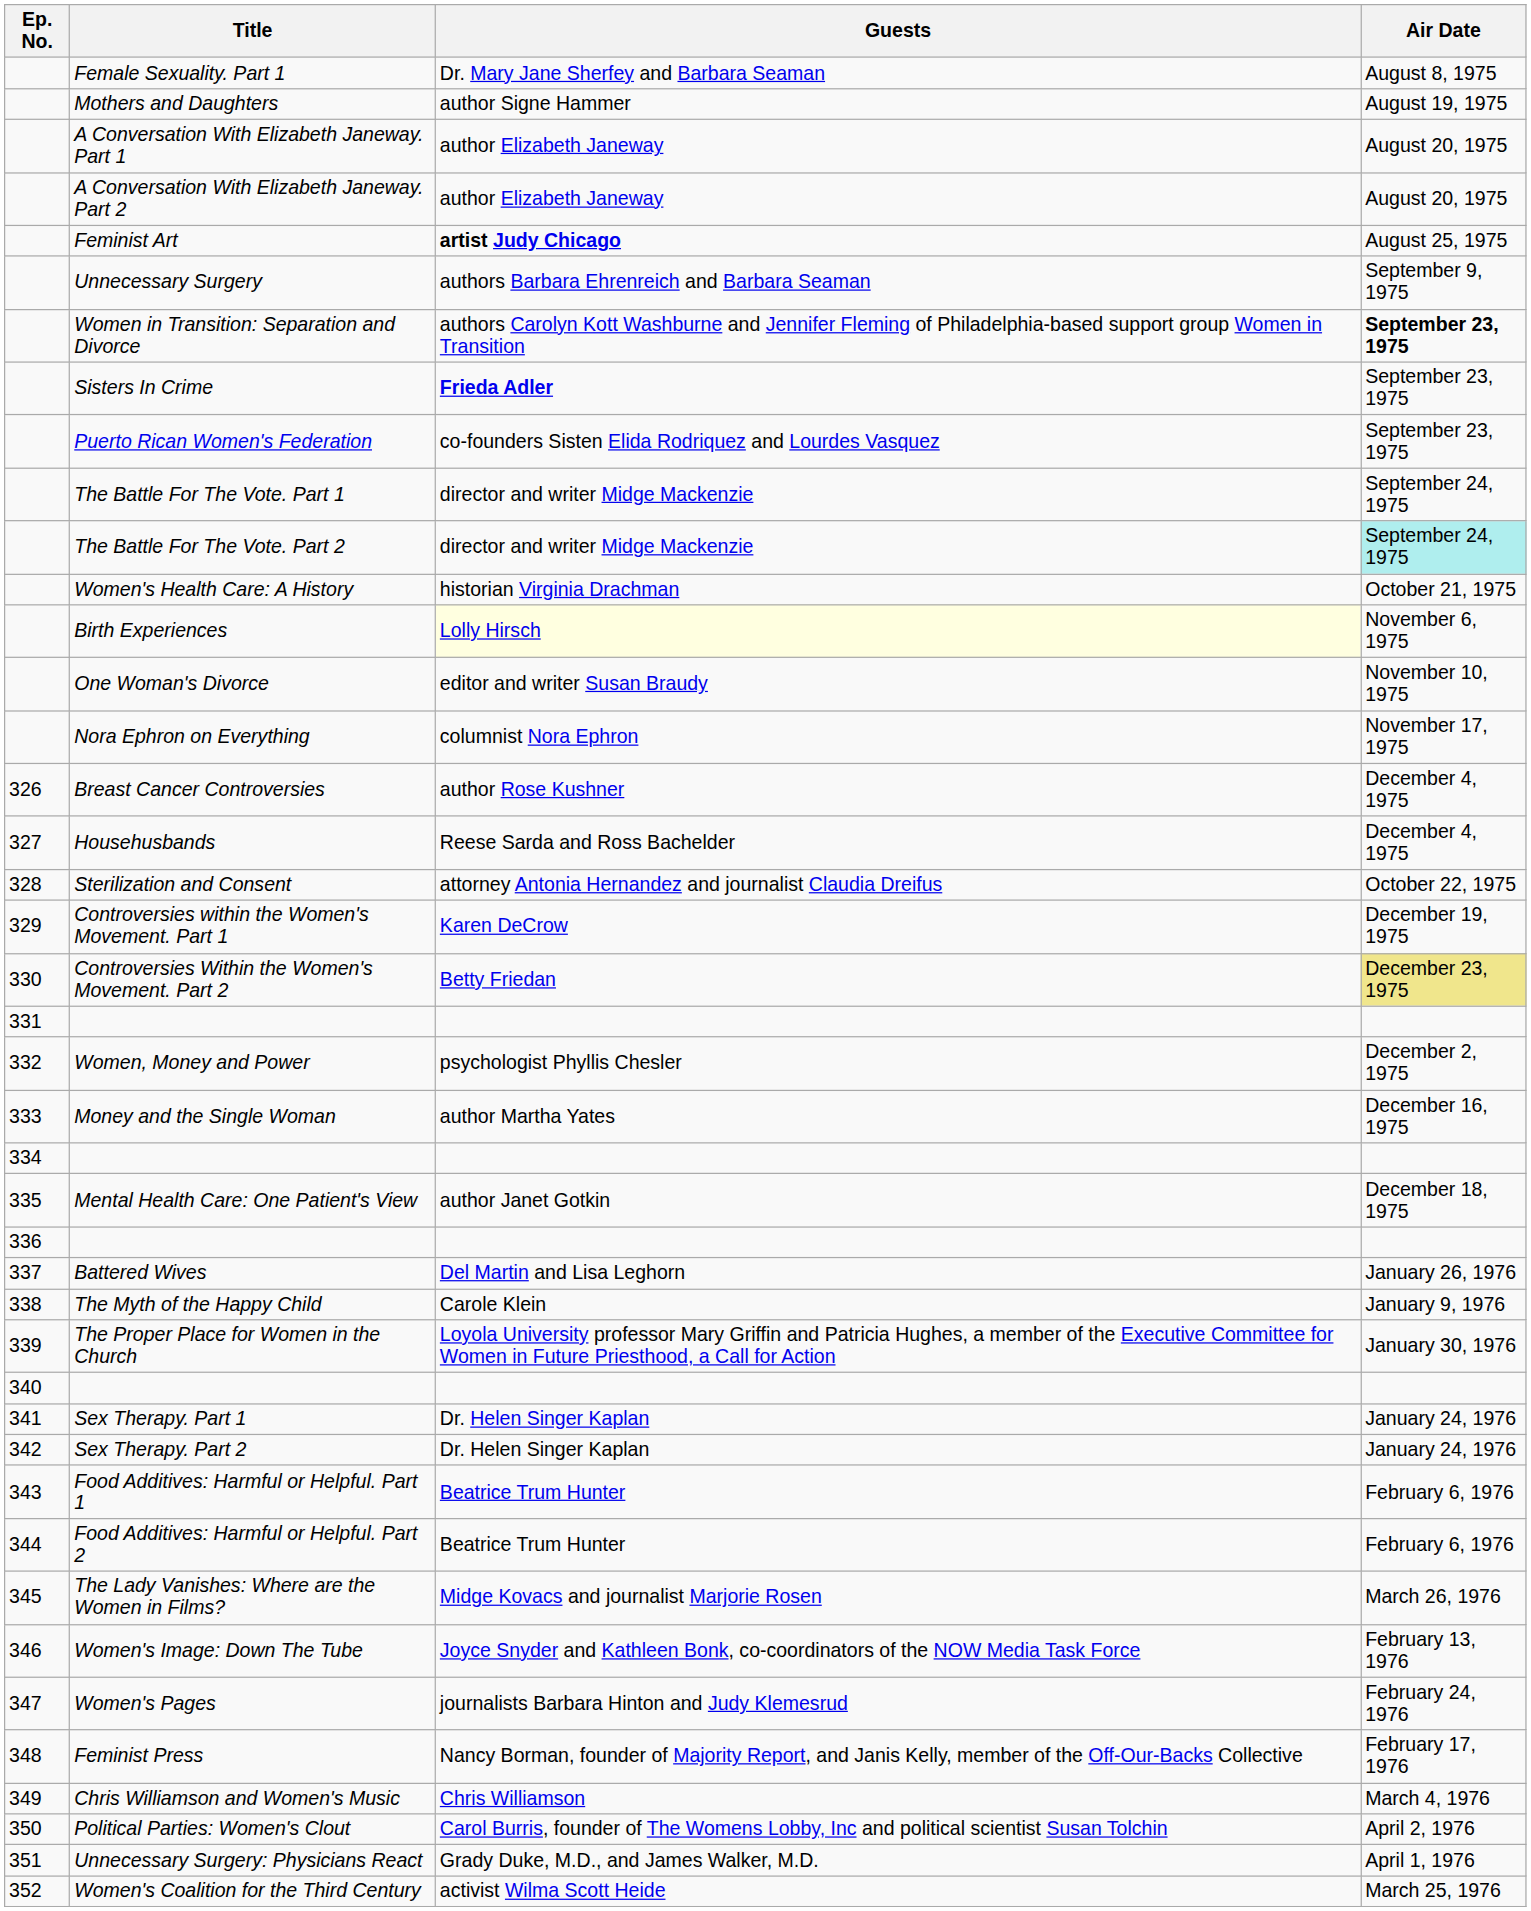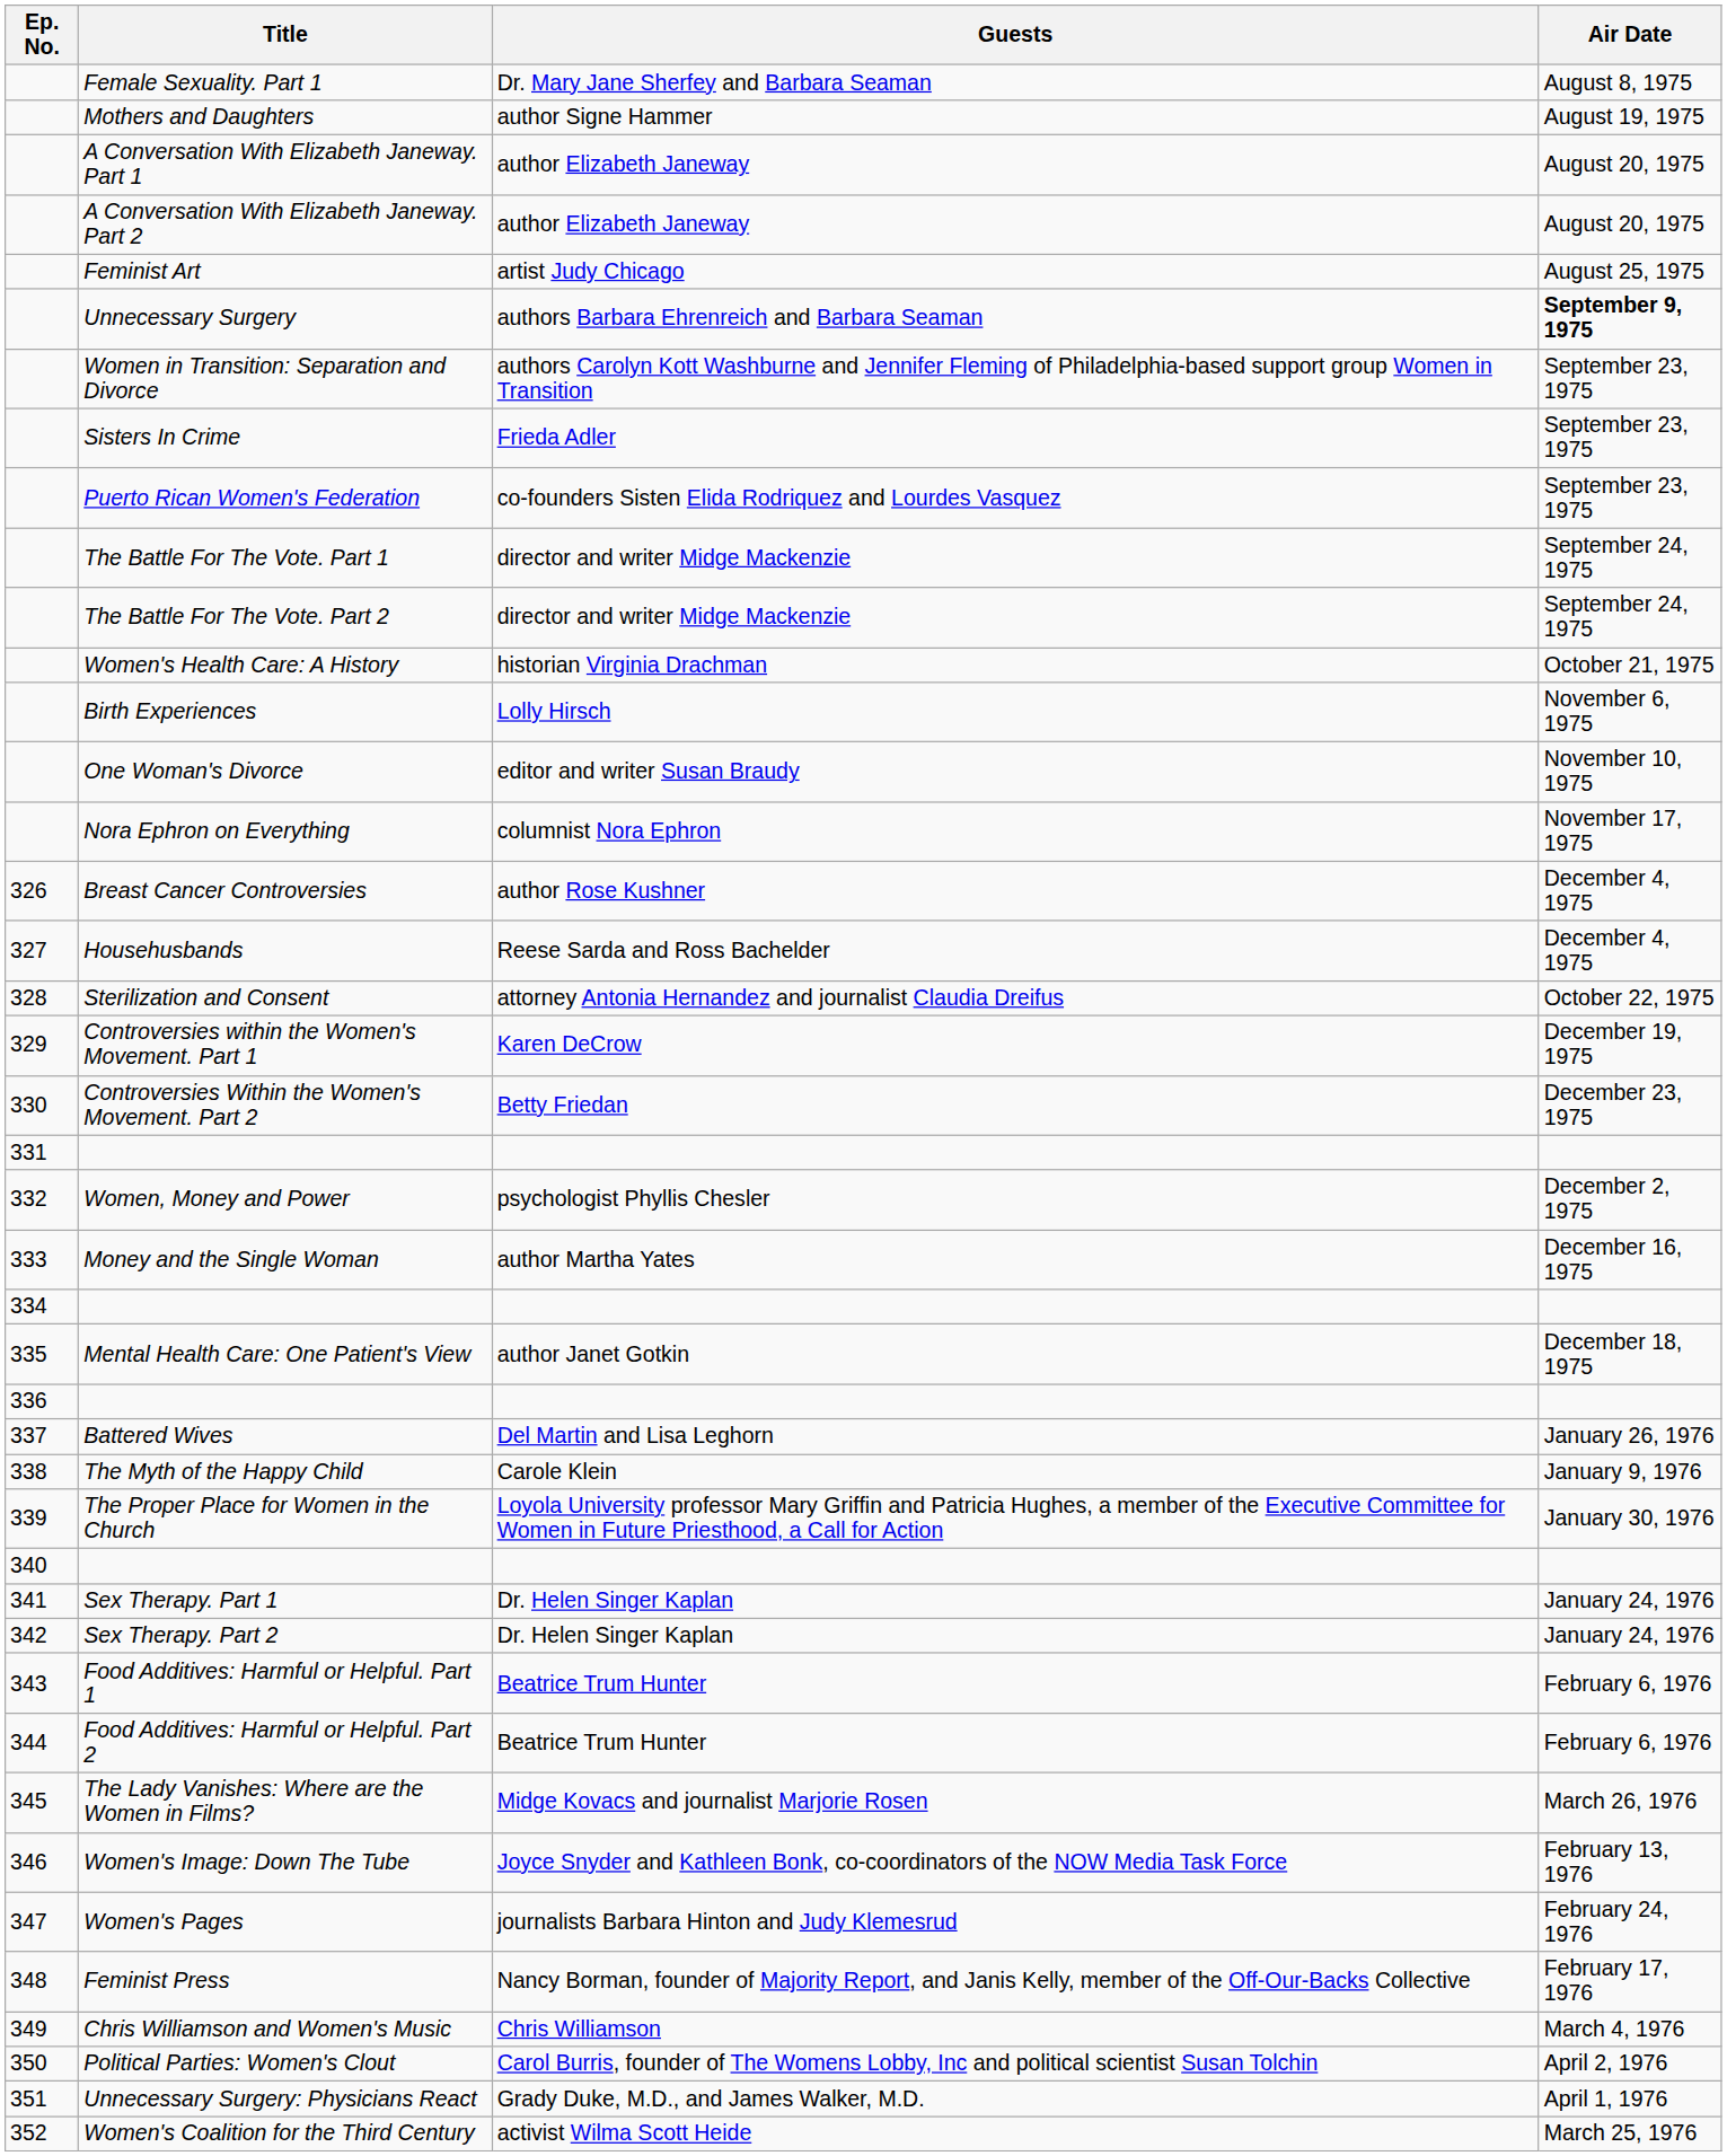 <table class="wikitable">
 <tr>
 <th>Ep. No.</th>
 <th>Title</th>
 <th>Guests</th>
 <th>Air Date</th>
 </tr>
 <tr>
 <td></td>
 <td><em>Female Sexuality. Part 1</em></td>
 <td>Dr. <a href='#'>Mary Jane Sherfey</a> and <a href='#'>Barbara Seaman</a></td>
 <td>August 8, 1975</td>
 </tr>
 <tr>
 <td></td>
 <td><em>Mothers and Daughters</em></td>
 <td>author Signe Hammer</td>
 <td>August 19, 1975</td>
 </tr>
 <tr>
 <td></td>
 <td><em>A Conversation With Elizabeth Janeway. Part 1</em></td>
 <td>author <a href='#'>Elizabeth Janeway</a></td>
 <td>August 20, 1975</td>
 </tr>
 <tr>
 <td></td>
 <td><em>A Conversation With Elizabeth Janeway. Part 2</em></td>
 <td>author <a href='#'>Elizabeth Janeway</a></td>
 <td>August 20, 1975</td>
 </tr>
 <tr>
 <td></td>
 <td><em>Feminist Art</em></td>
-<td><strong>artist <a href='#'>Judy Chicago</a></strong></td>
+<td>artist <a href='#'>Judy Chicago</a></td>
 <td>August 25, 1975</td>
 </tr>
 <tr>
 <td></td>
 <td><em>Unnecessary Surgery</em></td>
 <td>authors <a href='#'>Barbara Ehrenreich</a> and <a href='#'>Barbara Seaman</a></td>
-<td>September 9, 1975</td>
+<td><strong>September 9, 1975</strong></td>
 </tr>
 <tr>
 <td></td>
 <td><em>Women in Transition: Separation and Divorce</em></td>
 <td>authors <a href='#'>Carolyn Kott Washburne</a> and <a href='#'>Jennifer Fleming</a> of Philadelphia-based support group <a href='#'>Women in Transition</a></td>
-<td><strong>September 23, 1975</strong></td>
+<td>September 23, 1975</td>
 </tr>
 <tr>
 <td></td>
 <td><em>Sisters In Crime</em></td>
-<td><strong><a href='#'>Frieda Adler</a></strong></td>
+<td><a href='#'>Frieda Adler</a></td>
 <td>September 23, 1975</td>
 </tr>
 <tr>
 <td></td>
 <td><em><a href='#'>Puerto Rican Women's Federation</a></em></td>
 <td>co-founders Sisten <a href='#'>Elida Rodriquez</a> and <a href='#'>Lourdes Vasquez</a></td>
 <td>September 23, 1975</td>
 </tr>
 <tr>
 <td></td>
 <td><em>The Battle For The Vote. Part 1</em></td>
 <td>director and writer <a href='#'>Midge Mackenzie</a></td>
 <td>September 24, 1975</td>
 </tr>
 <tr>
 <td></td>
 <td><em>The Battle For The Vote. Part 2</em></td>
 <td>director and writer <a href='#'>Midge Mackenzie</a></td>
-<td style="background: paleturquoise;">September 24, 1975</td>
+<td>September 24, 1975</td>
 </tr>
 <tr>
 <td></td>
 <td><em>Women's Health Care: A History</em></td>
 <td>historian <a href='#'>Virginia Drachman</a></td>
 <td>October 21, 1975</td>
 </tr>
 <tr>
 <td></td>
 <td><em>Birth Experiences</em></td>
-<td style="background: lightyellow;"><a href='#'>Lolly Hirsch</a></td>
+<td><a href='#'>Lolly Hirsch</a></td>
 <td>November 6, 1975</td>
 </tr>
 <tr>
 <td></td>
 <td><em>One Woman's Divorce</em></td>
 <td>editor and writer <a href='#'>Susan Braudy</a></td>
 <td>November 10, 1975</td>
 </tr>
 <tr>
 <td></td>
 <td><em>Nora Ephron on Everything</em></td>
 <td>columnist <a href='#'>Nora Ephron</a></td>
 <td>November 17, 1975</td>
 </tr>
 <tr>
 <td>326</td>
 <td><em>Breast Cancer Controversies</em></td>
 <td>author <a href='#'>Rose Kushner</a></td>
 <td>December 4, 1975</td>
 </tr>
 <tr>
 <td>327</td>
 <td><em>Househusbands</em></td>
 <td>Reese Sarda and Ross Bachelder</td>
 <td>December 4, 1975</td>
 </tr>
 <tr>
 <td>328</td>
 <td><em>Sterilization and Consent</em></td>
 <td>attorney <a href='#'>Antonia Hernandez</a> and journalist <a href='#'>Claudia Dreifus</a></td>
 <td>October 22, 1975</td>
 </tr>
 <tr>
 <td>329</td>
 <td><em>Controversies within the Women's Movement. Part 1</em></td>
 <td><a href='#'>Karen DeCrow</a></td>
 <td>December 19, 1975</td>
 </tr>
 <tr>
 <td>330</td>
 <td><em>Controversies Within the Women's Movement. Part 2</em></td>
 <td><a href='#'>Betty Friedan</a></td>
-<td style="background: khaki;">December 23, 1975</td>
+<td>December 23, 1975</td>
 </tr>
 <tr>
 <td>331</td>
 <td></td>
 <td></td>
 <td></td>
 </tr>
 <tr>
 <td>332</td>
 <td><em>Women, Money and Power</em></td>
 <td>psychologist Phyllis Chesler</td>
 <td>December 2, 1975</td>
 </tr>
 <tr>
 <td>333</td>
 <td><em>Money and the Single Woman</em></td>
 <td>author Martha Yates</td>
 <td>December 16, 1975</td>
 </tr>
 <tr>
 <td>334</td>
 <td></td>
 <td></td>
 <td></td>
 </tr>
 <tr>
 <td>335</td>
 <td><em>Mental Health Care: One Patient's View</em></td>
 <td>author Janet Gotkin</td>
 <td>December 18, 1975</td>
 </tr>
 <tr>
 <td>336</td>
 <td></td>
 <td></td>
 <td></td>
 </tr>
 <tr>
 <td>337</td>
 <td><em>Battered Wives</em></td>
 <td><a href='#'>Del Martin</a> and Lisa Leghorn</td>
 <td>January 26, 1976</td>
 </tr>
 <tr>
 <td>338</td>
 <td><em>The Myth of the Happy Child</em></td>
 <td>Carole Klein</td>
 <td>January 9, 1976</td>
 </tr>
 <tr>
 <td>339</td>
 <td><em>The Proper Place for Women in the Church</em></td>
 <td><a href='#'>Loyola University</a> professor Mary Griffin and Patricia Hughes, a member of the <a href='#'>Executive Committee for Women in Future Priesthood, a Call for Action</a></td>
 <td>January 30, 1976</td>
 </tr>
 <tr>
 <td>340</td>
 <td></td>
 <td></td>
 <td></td>
 </tr>
 <tr>
 <td>341</td>
 <td><em>Sex Therapy. Part 1</em></td>
 <td>Dr. <a href='#'>Helen Singer Kaplan</a></td>
 <td>January 24, 1976</td>
 </tr>
 <tr>
 <td>342</td>
 <td><em>Sex Therapy. Part 2</em></td>
 <td>Dr. Helen Singer Kaplan</td>
 <td>January 24, 1976</td>
 </tr>
 <tr>
 <td>343</td>
 <td><em>Food Additives: Harmful or Helpful. Part 1</em></td>
 <td><a href='#'>Beatrice Trum Hunter</a></td>
 <td>February 6, 1976</td>
 </tr>
 <tr>
 <td>344</td>
 <td><em>Food Additives: Harmful or Helpful. Part 2</em></td>
 <td>Beatrice Trum Hunter</td>
 <td>February 6, 1976</td>
 </tr>
 <tr>
 <td>345</td>
 <td><em>The Lady Vanishes: Where are the Women in Films?</em></td>
 <td><a href='#'>Midge Kovacs</a> and journalist <a href='#'>Marjorie Rosen</a></td>
 <td>March 26, 1976</td>
 </tr>
 <tr>
 <td>346</td>
 <td><em>Women's Image: Down The Tube</em></td>
 <td><a href='#'>Joyce Snyder</a> and <a href='#'>Kathleen Bonk</a>, co-coordinators of the <a href='#'>NOW Media Task Force</a></td>
 <td>February 13, 1976</td>
 </tr>
 <tr>
 <td>347</td>
 <td><em>Women's Pages</em></td>
 <td>journalists Barbara Hinton and <a href='#'>Judy Klemesrud</a></td>
 <td>February 24, 1976</td>
 </tr>
 <tr>
 <td>348</td>
 <td><em>Feminist Press</em></td>
 <td>Nancy Borman, founder of <a href='#'>Majority Report</a>,  and Janis Kelly, member of the <a href='#'>Off-Our-Backs</a> Collective</td>
 <td>February 17, 1976</td>
 </tr>
 <tr>
 <td>349</td>
 <td><em>Chris Williamson and Women's Music</em></td>
 <td><a href='#'>Chris Williamson</a></td>
 <td>March 4, 1976</td>
 </tr>
 <tr>
 <td>350</td>
 <td><em>Political Parties: Women's Clout</em></td>
 <td><a href='#'>Carol Burris</a>, founder of <a href='#'>The Womens Lobby, Inc</a> and political scientist <a href='#'>Susan Tolchin</a></td>
 <td>April 2, 1976</td>
 </tr>
 <tr>
 <td>351</td>
 <td><em>Unnecessary Surgery: Physicians React</em></td>
 <td>Grady Duke, M.D., and James Walker, M.D.</td>
 <td>April 1, 1976</td>
 </tr>
 <tr>
 <td>352</td>
 <td><em>Women's Coalition for the Third Century</em></td>
 <td>activist <a href='#'>Wilma Scott Heide</a></td>
 <td>March 25, 1976</td>
 </tr>
 </table>
